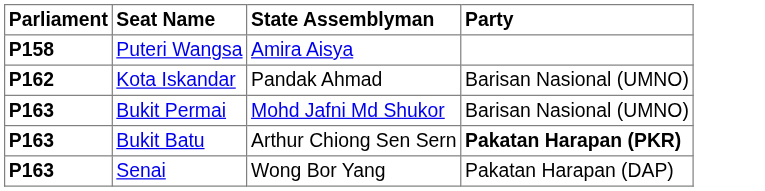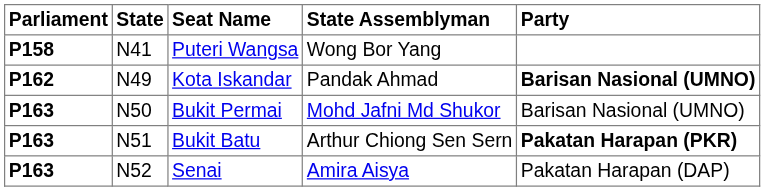 <table class="toccolours sortable" border="1" cellpadding="3" style="border-collapse:collapse; text-align: left;">
 <tr>
 <th align="center">Parliament</th>
+<th>State</th>
 <th>Seat Name</th>
 <th>State Assemblyman</th>
 <th>Party</th>
 </tr>
 <tr>
 <th>P158</th>
+<td>N41</td>
 <td><a href='#'>Puteri Wangsa</a></td>
-<td><a href='#'>Amira Aisya</a></td>
+<td>Wong Bor Yang</td>
 <td></td>
 </tr>
 <tr>
 <th>P162</th>
+<td>N49</td>
 <td><a href='#'>Kota Iskandar</a></td>
 <td>Pandak Ahmad</td>
-<td>Barisan Nasional (UMNO)</td>
+<td><strong>Barisan Nasional (UMNO)</strong></td>
 </tr>
 <tr>
 <th align="left">P163</th>
+<td>N50</td>
 <td><a href='#'>Bukit Permai</a></td>
 <td><a href='#'>Mohd Jafni Md Shukor</a></td>
 <td>Barisan Nasional (UMNO)</td>
 </tr>
 <tr>
 <th align="left">P163</th>
+<td>N51</td>
 <td><a href='#'>Bukit Batu</a></td>
 <td>Arthur Chiong Sen Sern</td>
 <td><strong>Pakatan Harapan (PKR)</strong></td>
 </tr>
 <tr>
 <th align="left">P163</th>
+<td>N52</td>
 <td><a href='#'>Senai</a></td>
-<td>Wong Bor Yang</td>
+<td><a href='#'>Amira Aisya</a></td>
 <td>Pakatan Harapan (DAP)</td>
 </tr>
 </table>
